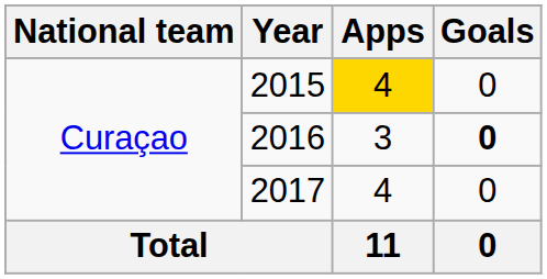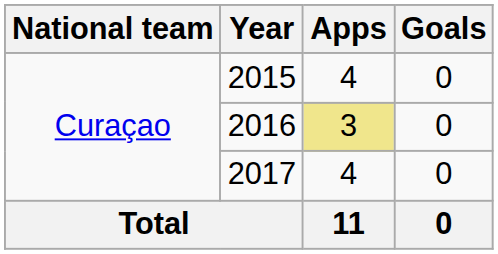 <table class=wikitable style="text-align: center">
 <tr>
 <th>National team</th>
 <th>Year</th>
 <th>Apps</th>
 <th>Goals</th>
 </tr>
 <tr>
 <td rowspan="3"><a href='#'>Curaçao</a></td>
 <td>2015</td>
-<td style="background: gold;">4</td>
+<td>4</td>
 <td>0</td>
 </tr>
 <tr>
 <td>2016</td>
-<td>3</td>
-<td><strong>0</strong></td>
+<td style="background: khaki;">3</td>
+<td>0</td>
 </tr>
 <tr>
 <td>2017</td>
 <td>4</td>
 <td>0</td>
 </tr>
 <tr>
 <th colspan="2">Total</th>
 <th>11</th>
 <th>0</th>
 </tr>
 </table>
